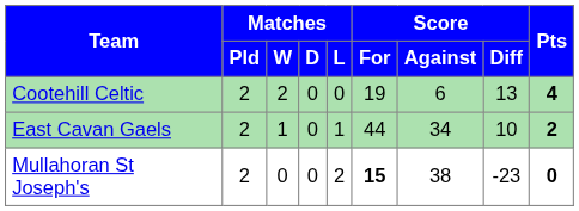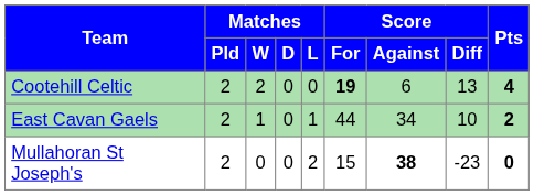 <table style=border-collapse:collapse border=1 cellspacing=0 cellpadding=5>
 <tr align=center bgcolor=#efefef>
 <th rowspan=2 width=165 ! style="background:blue; color:white;;">Team</th>
 <th colspan=4 ! Style="background:blue; color:white;;">Matches</th>
 <th colspan=3 ! Style="background:blue; color:white;;">Score</th>
 <th rowspan=2width=20 ! Style="background:blue; color:white;;">Pts</th>
 </tr>
 <tr align=center bgcolor=#efefef>
 <th style="background:blue; color:white;; width=20">Pld</th>
 <th style="background:blue; color:white;; width=20">W</th>
 <th style="background:blue; color:white;; width=20">D</th>
 <th style="background:blue; color:white;; width=20">L</th>
 <th style="background:blue; color:white;; width=45">For</th>
 <th style="background:blue; color:white;; width=45">Against</th>
 <th style="background:blue; color:white;; width=30">Diff</th>
 </tr>
 <tr align=center style="background:#ACE1AF;">
 <td style="text-align:left;"> <a href='#'>Cootehill Celtic</a></td>
 <td>2</td>
 <td>2</td>
 <td>0</td>
 <td>0</td>
-<td>19</td>
+<td><strong>19</strong></td>
 <td>6</td>
 <td>13</td>
 <td><strong>4</strong></td>
 </tr>
 <tr align=center style="background:#ACE1AF;">
 <td style="text-align:left;"> <a href='#'>East Cavan Gaels</a></td>
 <td>2</td>
 <td>1</td>
 <td>0</td>
 <td>1</td>
 <td>44</td>
 <td>34</td>
 <td>10</td>
 <td><strong>2</strong></td>
 </tr>
 <tr align=center>
 <td style="text-align:left;"> <a href='#'>Mullahoran St Joseph's</a></td>
 <td>2</td>
 <td>0</td>
 <td>0</td>
 <td>2</td>
-<td><strong>15</strong></td>
-<td>38</td>
+<td>15</td>
+<td><strong>38</strong></td>
 <td>-23</td>
 <td><strong>0</strong></td>
 </tr>
 </table>
